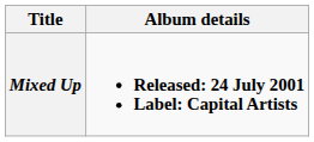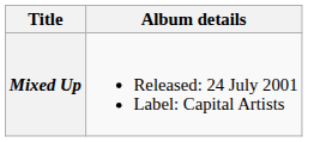 <table class="wikitable plainrowheaders">
 <tr>
 <th>Title</th>
 <th>Album details</th>
 </tr>
 <tr>
 <th scope="row"><em>Mixed Up</em></th>
-<td><strong><br><ul><li>Released: 24 July 2001</li><li>Label: Capital Artists</li></ul></strong></td>
+<td><br><ul><li>Released: 24 July 2001</li><li>Label: Capital Artists</li></ul></td>
 </tr>
 </table>
